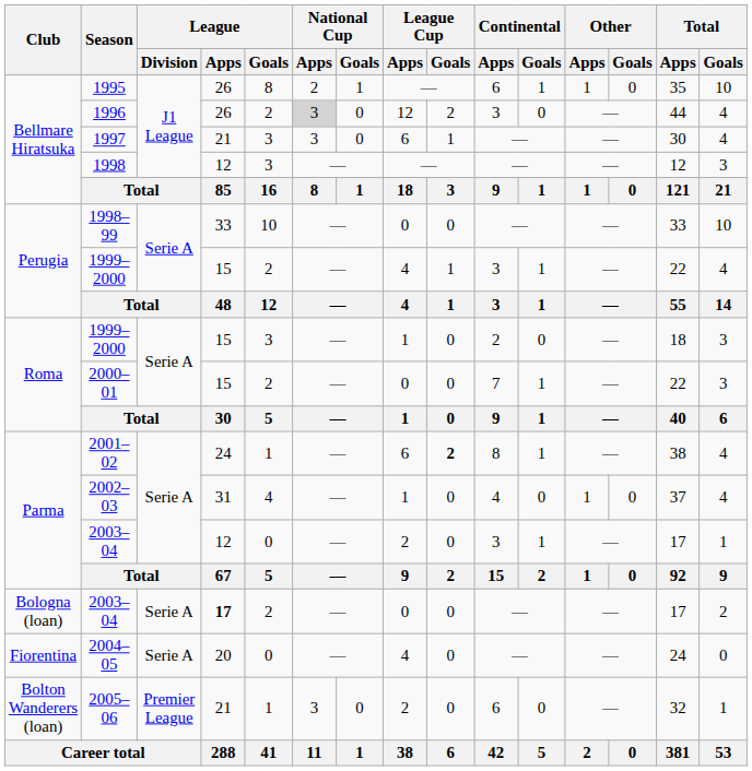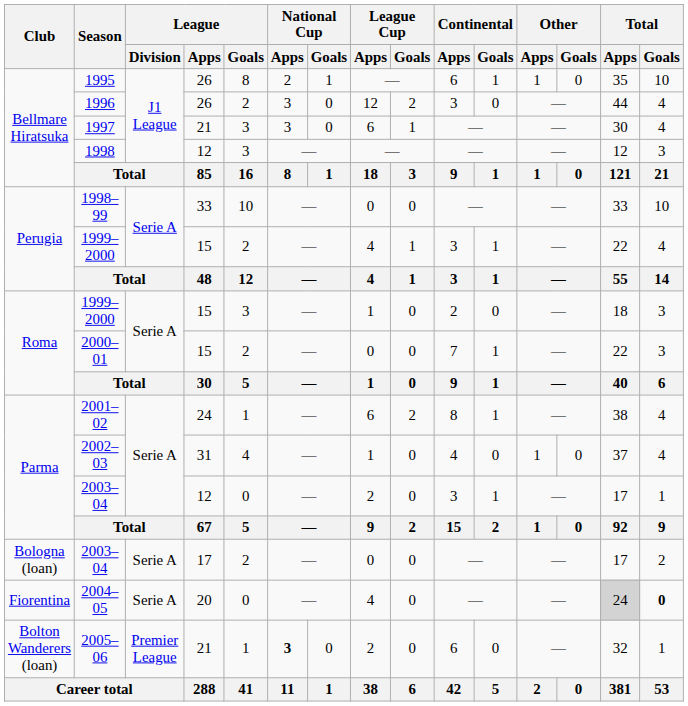 <table class="wikitable" style="text-align:center">
 <tr>
 <th rowspan="2">Club</th>
 <th rowspan="2">Season</th>
 <th colspan="3">League</th>
 <th colspan="2">National Cup</th>
 <th colspan="2">League Cup</th>
 <th colspan="2">Continental</th>
 <th colspan="2">Other</th>
 <th colspan="2">Total</th>
 </tr>
 <tr>
 <th>Division</th>
 <th>Apps</th>
 <th>Goals</th>
 <th>Apps</th>
 <th>Goals</th>
 <th>Apps</th>
 <th>Goals</th>
 <th>Apps</th>
 <th>Goals</th>
 <th>Apps</th>
 <th>Goals</th>
 <th>Apps</th>
 <th>Goals</th>
 </tr>
 <tr>
 <td rowspan="5"><a href='#'>Bellmare Hiratsuka</a></td>
 <td><a href='#'>1995</a></td>
 <td rowspan="4"><a href='#'>J1 League</a></td>
 <td>26</td>
 <td>8</td>
 <td>2</td>
 <td>1</td>
 <td colspan="2">—</td>
 <td>6</td>
 <td>1</td>
 <td>1</td>
 <td>0</td>
 <td>35</td>
 <td>10</td>
 </tr>
 <tr>
 <td><a href='#'>1996</a></td>
 <td>26</td>
 <td>2</td>
-<td style="background: lightgrey;">3</td>
+<td>3</td>
 <td>0</td>
 <td>12</td>
 <td>2</td>
 <td>3</td>
 <td>0</td>
 <td colspan="2">—</td>
 <td>44</td>
 <td>4</td>
 </tr>
 <tr>
 <td><a href='#'>1997</a></td>
 <td>21</td>
 <td>3</td>
 <td>3</td>
 <td>0</td>
 <td>6</td>
 <td>1</td>
 <td colspan="2">—</td>
 <td colspan="2">—</td>
 <td>30</td>
 <td>4</td>
 </tr>
 <tr>
 <td><a href='#'>1998</a></td>
 <td>12</td>
 <td>3</td>
 <td colspan="2">—</td>
 <td colspan="2">—</td>
 <td colspan="2">—</td>
 <td colspan="2">—</td>
 <td>12</td>
 <td>3</td>
 </tr>
 <tr>
 <th colspan="2">Total</th>
 <th>85</th>
 <th>16</th>
 <th>8</th>
 <th>1</th>
 <th>18</th>
 <th>3</th>
 <th>9</th>
 <th>1</th>
 <th>1</th>
 <th>0</th>
 <th>121</th>
 <th>21</th>
 </tr>
 <tr>
 <td rowspan="3"><a href='#'>Perugia</a></td>
 <td><a href='#'>1998–99</a></td>
 <td rowspan="2"><a href='#'>Serie A</a></td>
 <td>33</td>
 <td>10</td>
 <td colspan="2">—</td>
 <td>0</td>
 <td>0</td>
 <td colspan="2">—</td>
 <td colspan="2">—</td>
 <td>33</td>
 <td>10</td>
 </tr>
 <tr>
 <td><a href='#'>1999–2000</a></td>
 <td>15</td>
 <td>2</td>
 <td colspan="2">—</td>
 <td>4</td>
 <td>1</td>
 <td>3</td>
 <td>1</td>
 <td colspan="2">—</td>
 <td>22</td>
 <td>4</td>
 </tr>
 <tr>
 <th colspan="2">Total</th>
 <th>48</th>
 <th>12</th>
 <th colspan="2">—</th>
 <th>4</th>
 <th>1</th>
 <th>3</th>
 <th>1</th>
 <th colspan="2">—</th>
 <th>55</th>
 <th>14</th>
 </tr>
 <tr>
 <td rowspan="3"><a href='#'>Roma</a></td>
 <td><a href='#'>1999–2000</a></td>
 <td rowspan="2">Serie A</td>
 <td>15</td>
 <td>3</td>
 <td colspan="2">—</td>
 <td>1</td>
 <td>0</td>
 <td>2</td>
 <td>0</td>
 <td colspan="2">—</td>
 <td>18</td>
 <td>3</td>
 </tr>
 <tr>
 <td><a href='#'>2000–01</a></td>
 <td>15</td>
 <td>2</td>
 <td colspan="2">—</td>
 <td>0</td>
 <td>0</td>
 <td>7</td>
 <td>1</td>
 <td colspan="2">—</td>
 <td>22</td>
 <td>3</td>
 </tr>
 <tr>
 <th colspan="2">Total</th>
 <th>30</th>
 <th>5</th>
 <th colspan="2">—</th>
 <th>1</th>
 <th>0</th>
 <th>9</th>
 <th>1</th>
 <th colspan="2">—</th>
 <th>40</th>
 <th>6</th>
 </tr>
 <tr>
 <td rowspan="4"><a href='#'>Parma</a></td>
 <td><a href='#'>2001–02</a></td>
 <td rowspan="3">Serie A</td>
 <td>24</td>
 <td>1</td>
 <td colspan="2">—</td>
 <td>6</td>
-<td><strong>2</strong></td>
+<td>2</td>
 <td>8</td>
 <td>1</td>
 <td colspan="2">—</td>
 <td>38</td>
 <td>4</td>
 </tr>
 <tr>
 <td><a href='#'>2002–03</a></td>
 <td>31</td>
 <td>4</td>
 <td colspan="2">—</td>
 <td>1</td>
 <td>0</td>
 <td>4</td>
 <td>0</td>
 <td>1</td>
 <td>0</td>
 <td>37</td>
 <td>4</td>
 </tr>
 <tr>
 <td><a href='#'>2003–04</a></td>
 <td>12</td>
 <td>0</td>
 <td colspan="2">—</td>
 <td>2</td>
 <td>0</td>
 <td>3</td>
 <td>1</td>
 <td colspan="2">—</td>
 <td>17</td>
 <td>1</td>
 </tr>
 <tr>
 <th colspan="2">Total</th>
 <th>67</th>
 <th>5</th>
 <th colspan="2">—</th>
 <th>9</th>
 <th>2</th>
 <th>15</th>
 <th>2</th>
 <th>1</th>
 <th>0</th>
 <th>92</th>
 <th>9</th>
 </tr>
 <tr>
 <td><a href='#'>Bologna</a> (loan)</td>
 <td><a href='#'>2003–04</a></td>
 <td>Serie A</td>
-<td><strong>17</strong></td>
+<td>17</td>
 <td>2</td>
 <td colspan="2">—</td>
 <td>0</td>
 <td>0</td>
 <td colspan="2">—</td>
 <td colspan="2">—</td>
 <td>17</td>
 <td>2</td>
 </tr>
 <tr>
 <td><a href='#'>Fiorentina</a></td>
 <td><a href='#'>2004–05</a></td>
 <td>Serie A</td>
 <td>20</td>
 <td>0</td>
 <td colspan="2">—</td>
 <td>4</td>
 <td>0</td>
 <td colspan="2">—</td>
 <td colspan="2">—</td>
-<td>24</td>
-<td>0</td>
+<td style="background: lightgrey;">24</td>
+<td><strong>0</strong></td>
 </tr>
 <tr>
 <td><a href='#'>Bolton Wanderers</a> (loan)</td>
 <td><a href='#'>2005–06</a></td>
 <td><a href='#'>Premier League</a></td>
 <td>21</td>
 <td>1</td>
-<td>3</td>
+<td><strong>3</strong></td>
 <td>0</td>
 <td>2</td>
 <td>0</td>
 <td>6</td>
 <td>0</td>
 <td colspan="2">—</td>
 <td>32</td>
 <td>1</td>
 </tr>
 <tr>
 <th colspan="3">Career total</th>
 <th>288</th>
 <th>41</th>
 <th>11</th>
 <th>1</th>
 <th>38</th>
 <th>6</th>
 <th>42</th>
 <th>5</th>
 <th>2</th>
 <th>0</th>
 <th>381</th>
 <th>53</th>
 </tr>
 </table>
